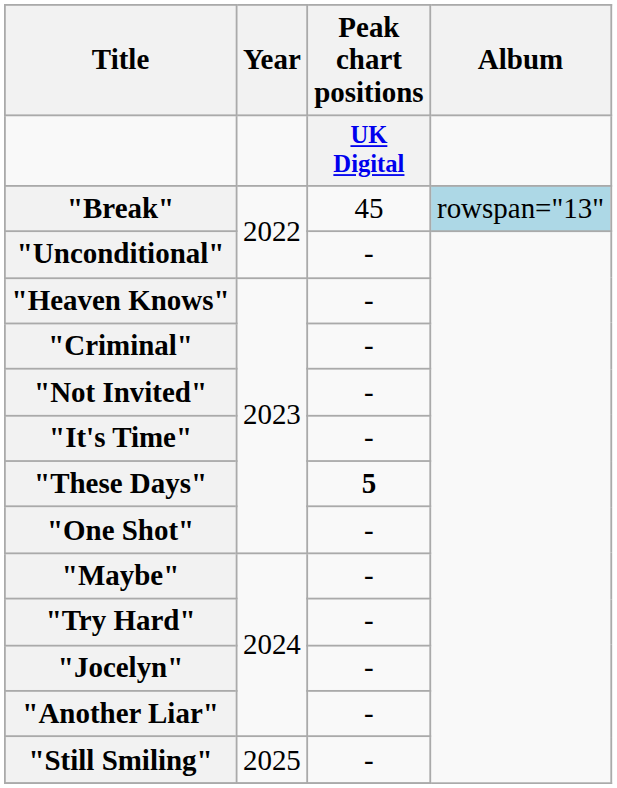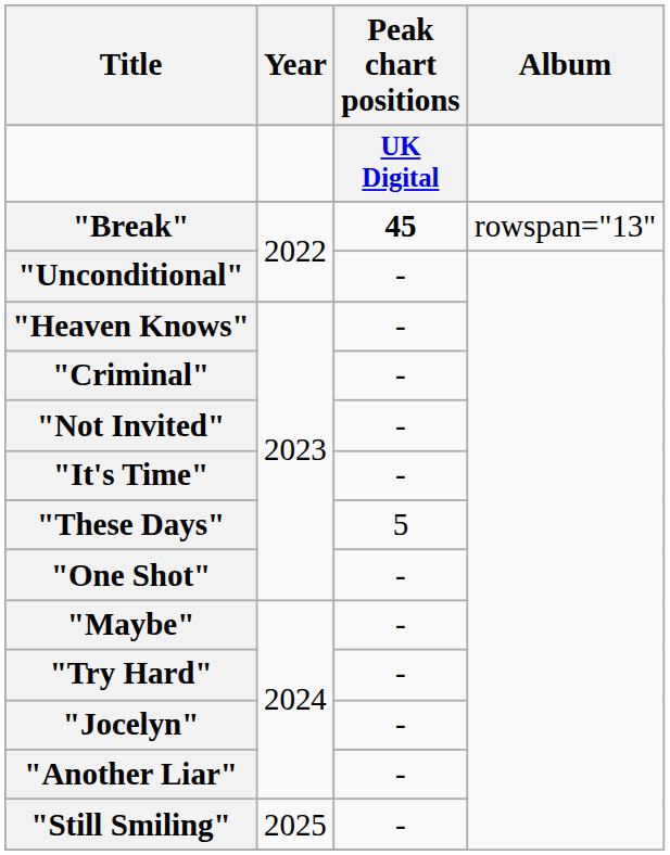 <table class="wikitable plainrowheaders" style="text-align:center">
 <tr>
 <th scope="col" rowspan="1">Title</th>
 <th scope="col" rowspan="1">Year</th>
 <th scope="col" colspan="1">Peak chart positions</th>
 <th scope="col" rowspan="1">Album</th>
 </tr>
 <tr>
 <td></td>
 <td></td>
 <th scope="col" style="width:3em;font-size:85%;"><a href='#'>UK Digital</a><br></th>
 </tr>
 <tr>
 <th scope="row">"Break"</th>
 <td rowspan="2">2022</td>
-<td>45</td>
-<td style="background: lightblue;">rowspan="13" </td>
+<td><strong>45</strong></td>
+<td>rowspan="13" </td>
 </tr>
 <tr>
 <th scope="row">"Unconditional"</th>
 <td>-</td>
 </tr>
 <tr>
 <th scope="row">"Heaven Knows"</th>
 <td rowspan="6">2023</td>
 <td>-</td>
 </tr>
 <tr>
 <th scope="row">"Criminal"</th>
 <td>-</td>
 </tr>
 <tr>
 <th scope="row">"Not Invited"</th>
 <td>-</td>
 </tr>
 <tr>
 <th scope="row">"It's Time"</th>
 <td>-</td>
 </tr>
 <tr>
 <th scope="row">"These Days"</th>
-<td><strong>5</strong></td>
+<td>5</td>
 </tr>
 <tr>
 <th scope="row">"One Shot"</th>
 <td>-</td>
 </tr>
 <tr>
 <th scope="row">"Maybe"</th>
 <td rowspan="4">2024</td>
 <td>-</td>
 </tr>
 <tr>
 <th scope="row">"Try Hard"</th>
 <td>-</td>
 </tr>
 <tr>
 <th scope="row">"Jocelyn"</th>
 <td>-</td>
 </tr>
 <tr>
 <th scope="row">"Another Liar"</th>
 <td>-</td>
 </tr>
 <tr>
 <th scope="row">"Still Smiling"</th>
 <td>2025</td>
 <td>-</td>
 </tr>
 <tr>
 </tr>
 </table>
